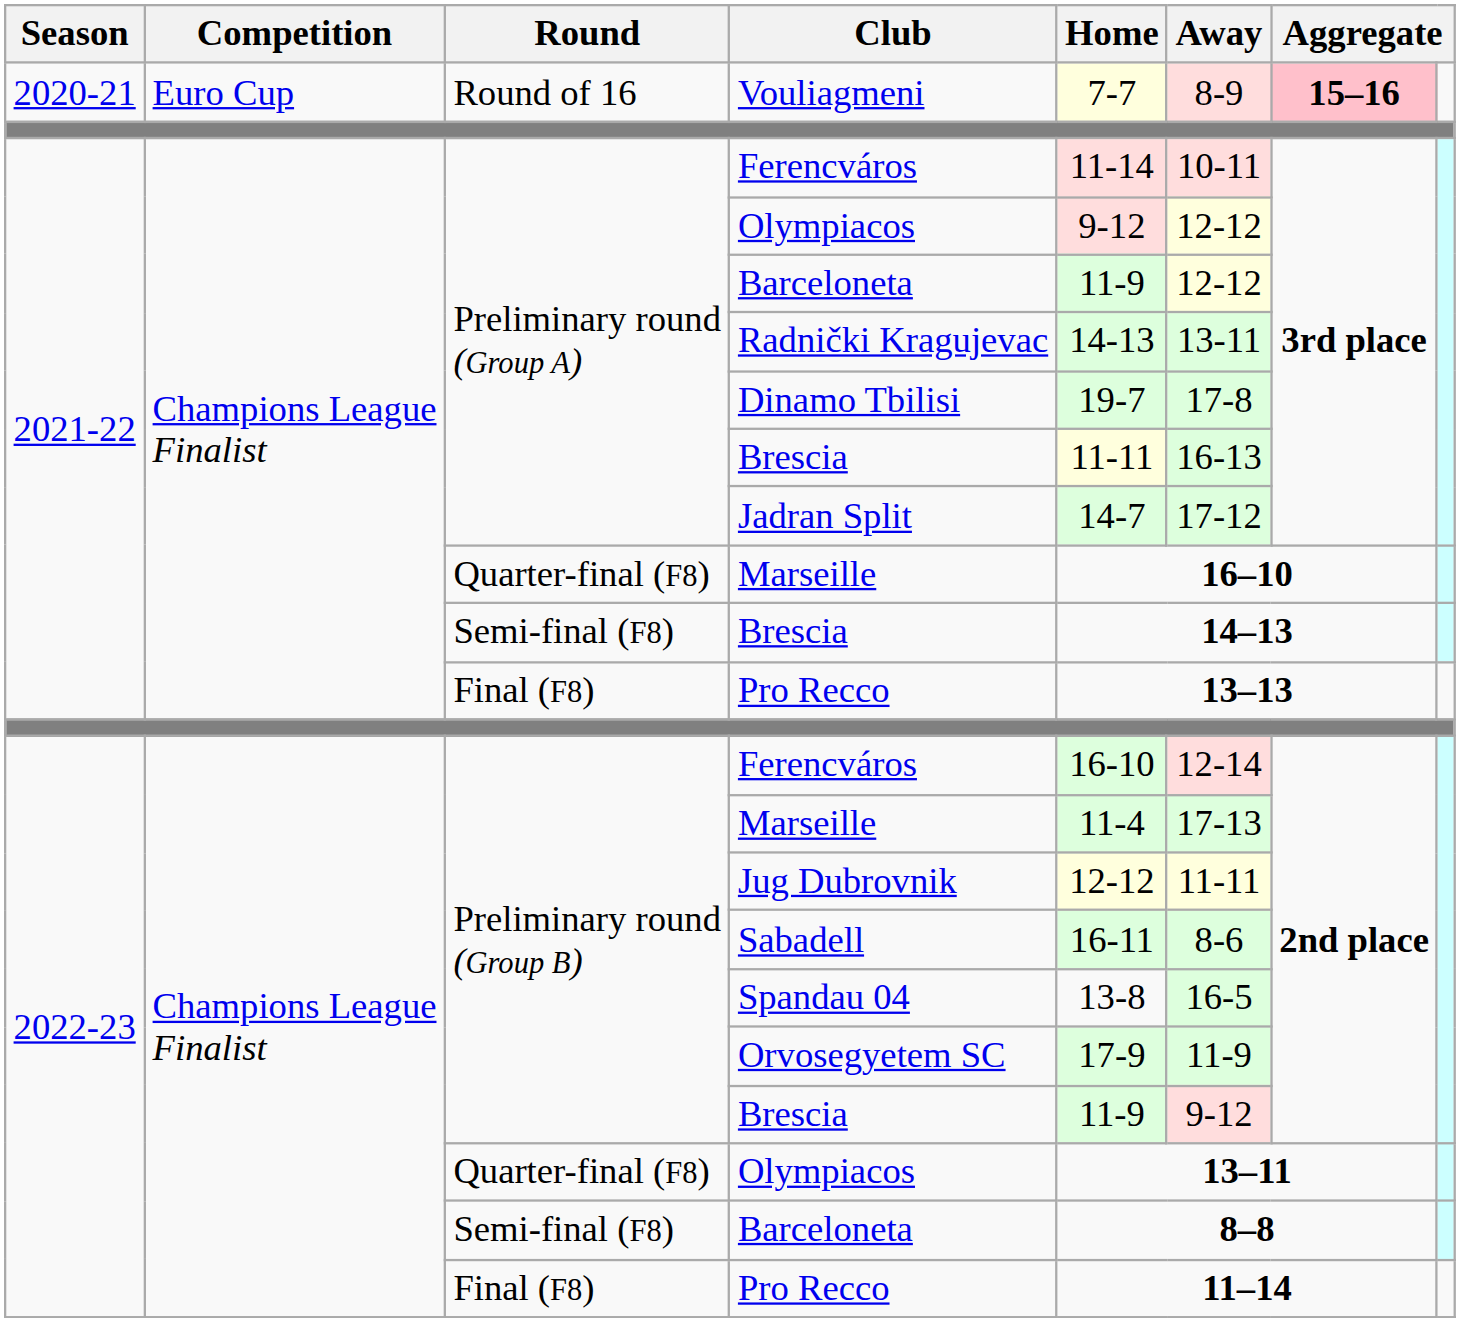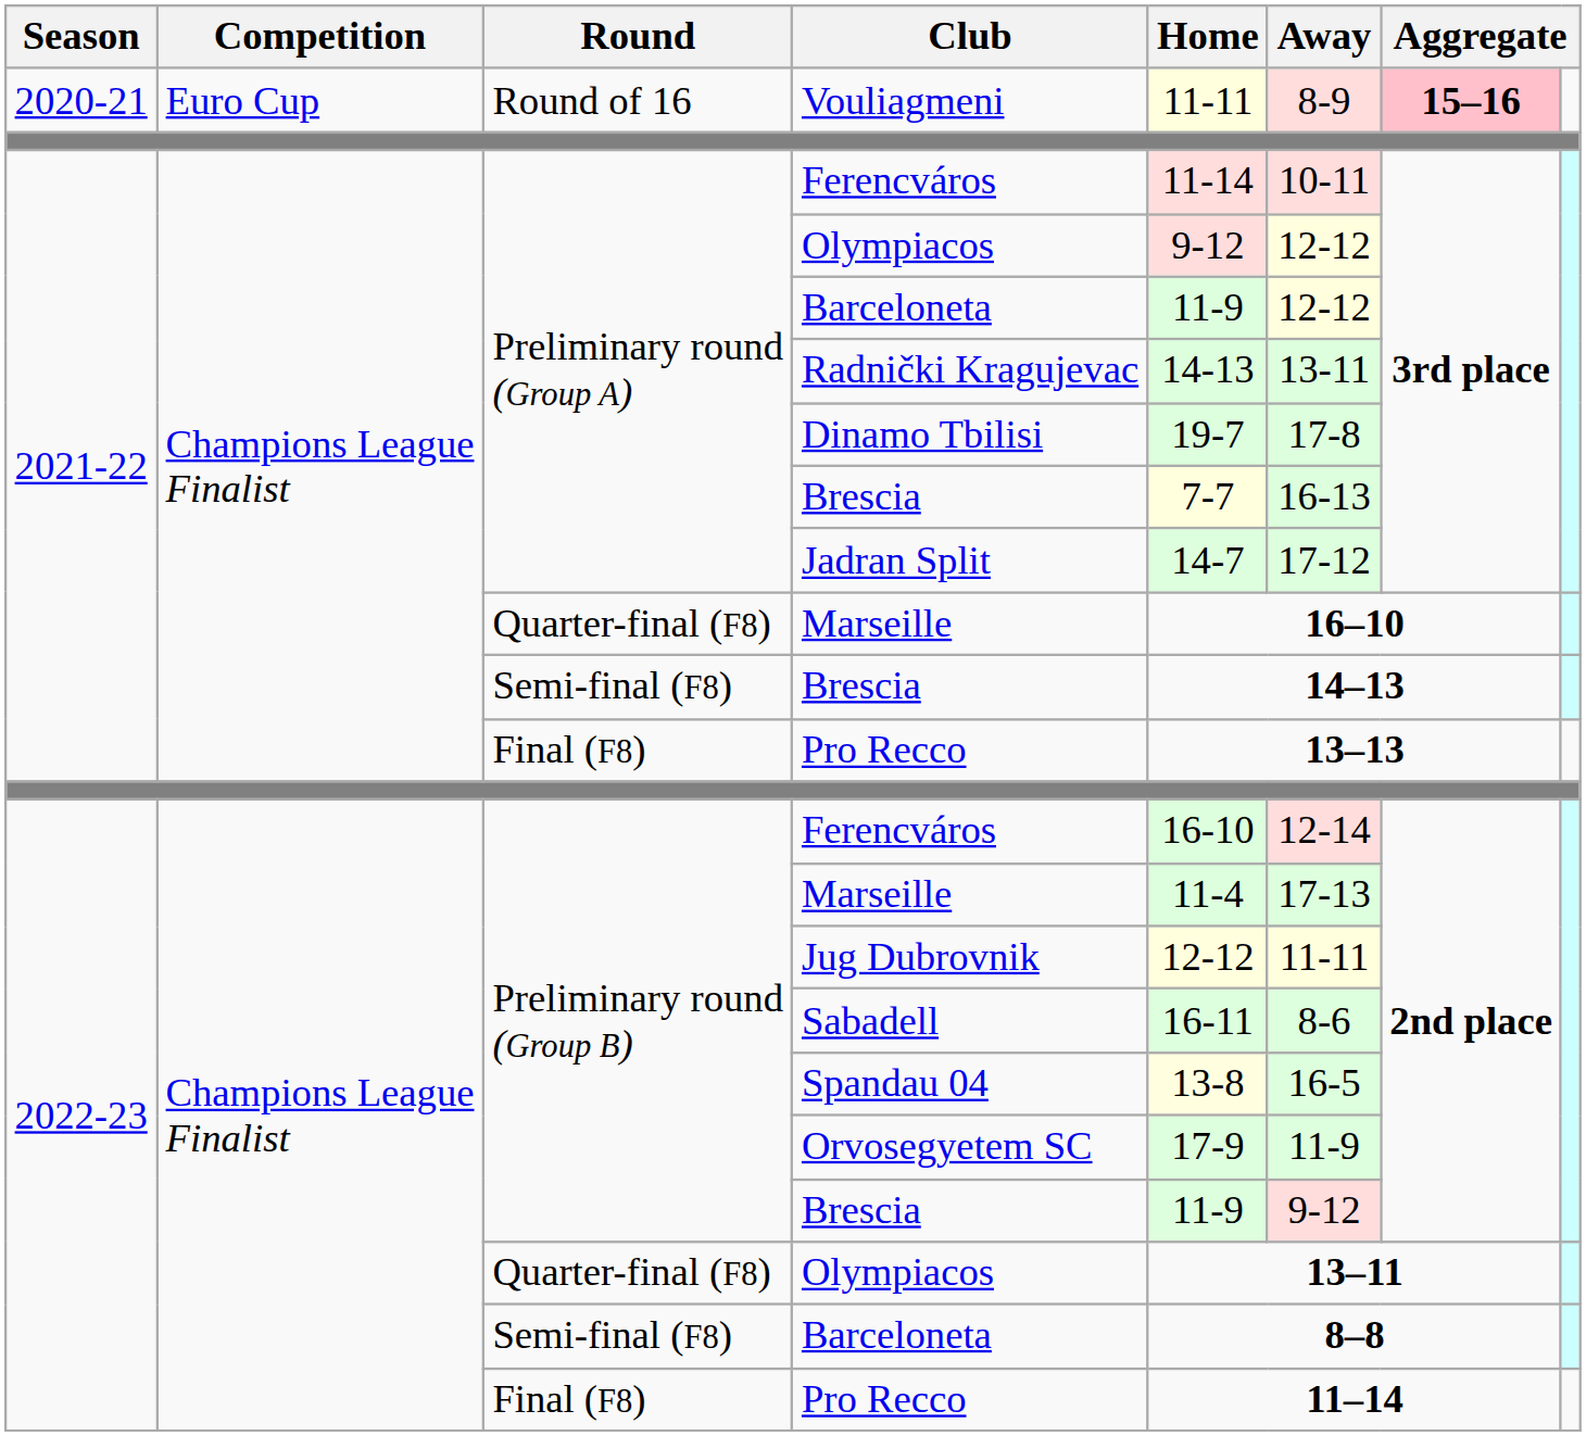 <table class="wikitable collapsible collapsed" align="center" style="text-align:left;">
 <tr>
 <th>Season</th>
 <th>Competition</th>
 <th>Round</th>
 <th>Club</th>
 <th>Home</th>
 <th>Away</th>
 <th colspan=2>Aggregate</th>
 </tr>
 <tr>
 <td rowspan=1><a href='#'>2020-21</a></td>
 <td rowspan=1><a href='#'>Euro Cup</a></td>
 <td>Round of 16</td>
 <td> <a href='#'>Vouliagmeni</a></td>
-<td style="text-align:center; background:#ffd;">7-7</td>
+<td style="text-align:center; background:#ffd;">11-11</td>
 <td style="text-align:center; background:#fdd;">8-9</td>
 <td style="background: pink; text-align:center;"><strong>15–16</strong></td>
 <td align="center"></td>
 </tr>
 <tr>
 <td colspan=8 style="text-align: center;" bgcolor=grey></td>
 </tr>
 <tr>
 <td rowspan=10><a href='#'>2021-22</a></td>
 <td rowspan=10><a href='#'>Champions League</a><br> <em>Finalist</em></td>
 <td rowspan=7>Preliminary round<br><em>(<small>Group A</small>)</em></td>
 <td> <a href='#'>Ferencváros</a></td>
 <td style="text-align:center; background:#fdd;">11-14</td>
 <td style="text-align:center; background:#fdd;">10-11</td>
 <td align=center rowspan=7><strong>3rd place</strong></td>
 <td style="background-color:#CFF" align="center" rowspan=7></td>
 </tr>
 <tr>
 <td> <a href='#'>Olympiacos</a></td>
 <td style="text-align:center; background:#fdd;">9-12</td>
 <td style="text-align:center; background:#ffd;">12-12</td>
 </tr>
 <tr>
 <td> <a href='#'>Barceloneta</a></td>
 <td style="text-align:center; background:#dfd;">11-9</td>
 <td style="text-align:center; background:#ffd;">12-12</td>
 </tr>
 <tr>
 <td> <a href='#'>Radnički Kragujevac</a></td>
 <td style="text-align:center; background:#dfd;">14-13</td>
 <td style="text-align:center; background:#dfd;">13-11</td>
 </tr>
 <tr>
 <td> <a href='#'>Dinamo Tbilisi</a></td>
 <td style="text-align:center; background:#dfd;">19-7</td>
 <td style="text-align:center; background:#dfd;">17-8</td>
 </tr>
 <tr>
 <td> <a href='#'>Brescia</a></td>
-<td style="text-align:center; background:#ffd;">11-11</td>
+<td style="text-align:center; background:#ffd;">7-7</td>
 <td style="text-align:center; background:#dfd;">16-13</td>
 </tr>
 <tr>
 <td> <a href='#'>Jadran Split</a></td>
 <td style="text-align:center; background:#dfd;">14-7</td>
 <td style="text-align:center; background:#dfd;">17-12</td>
 </tr>
 <tr>
 <td>Quarter-final (<small>F8</small>)</td>
 <td> <a href='#'>Marseille</a></td>
 <td colspan=3; style="text-align:center"><strong>16–10</strong></td>
 <td style="background-color:#CFF" align="center"></td>
 </tr>
 <tr>
 <td>Semi-final (<small>F8</small>)</td>
 <td> <a href='#'>Brescia</a></td>
 <td colspan=3; style="text-align:center"><strong>14–13</strong></td>
 <td style="background-color:#CFF" align="center"></td>
 </tr>
 <tr>
 <td>Final (<small>F8</small>)</td>
 <td> <a href='#'>Pro Recco</a></td>
 <td colspan=3; style="text-align:center"><strong>13–13 </strong></td>
 <td align="center"></td>
 </tr>
 <tr>
 <td colspan=8 style="text-align: center;" bgcolor=grey></td>
 </tr>
 <tr>
 <td rowspan=10><a href='#'>2022-23</a></td>
 <td rowspan=10><a href='#'>Champions League</a><br> <em>Finalist</em></td>
 <td rowspan=7>Preliminary round<br><em>(<small>Group B</small>)</em></td>
 <td> <a href='#'>Ferencváros</a></td>
 <td style="text-align:center; background:#dfd;">16-10</td>
 <td style="text-align:center; background:#fdd;">12-14</td>
 <td align=center rowspan=7><strong>2nd place</strong></td>
 <td style="background-color:#CFF" align="center" rowspan=7></td>
 </tr>
 <tr>
 <td> <a href='#'>Marseille</a></td>
 <td style="text-align:center; background:#dfd;">11-4</td>
 <td style="text-align:center; background:#dfd;">17-13</td>
 </tr>
 <tr>
 <td> <a href='#'>Jug Dubrovnik</a></td>
 <td style="text-align:center; background:#ffd;">12-12</td>
 <td style="text-align:center; background:#ffd;">11-11</td>
 </tr>
 <tr>
 <td> <a href='#'>Sabadell</a></td>
 <td style="text-align:center; background:#dfd;">16-11</td>
 <td style="text-align:center; background:#dfd;">8-6</td>
 </tr>
 <tr>
 <td> <a href='#'>Spandau 04</a></td>
-<td style="text-align:center; ">13-8</td>
+<td style="background: lightyellow; text-align:center; ">13-8</td>
 <td style="text-align:center; background:#dfd;">16-5</td>
 </tr>
 <tr>
 <td> <a href='#'>Orvosegyetem SC</a></td>
 <td style="text-align:center; background:#dfd;">17-9</td>
 <td style="text-align:center; background:#dfd;">11-9</td>
 </tr>
 <tr>
 <td> <a href='#'>Brescia</a></td>
 <td style="text-align:center; background:#dfd;">11-9</td>
 <td style="text-align:center; background:#fdd;">9-12</td>
 </tr>
 <tr>
 <td>Quarter-final (<small>F8</small>)</td>
 <td> <a href='#'>Olympiacos</a></td>
 <td colspan=3; style="text-align:center"><strong>13–11</strong></td>
 <td style="background-color:#CFF" align="center"></td>
 </tr>
 <tr>
 <td>Semi-final (<small>F8</small>)</td>
 <td> <a href='#'>Barceloneta</a></td>
 <td colspan=3; style="text-align:center"><strong>8–8 </strong></td>
 <td style="background-color:#CFF" align="center"></td>
 </tr>
 <tr>
 <td>Final (<small>F8</small>)</td>
 <td> <a href='#'>Pro Recco</a></td>
 <td colspan=3; style="text-align:center"><strong>11–14</strong></td>
 <td align="center"></td>
 </tr>
 <tr>
 </tr>
 </table>
